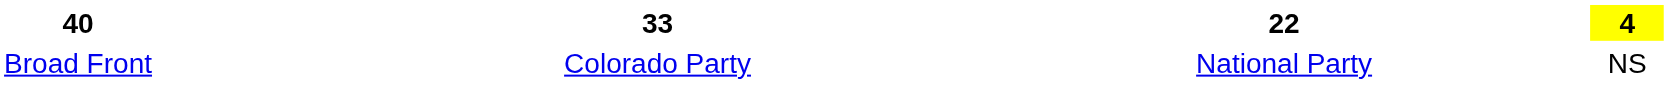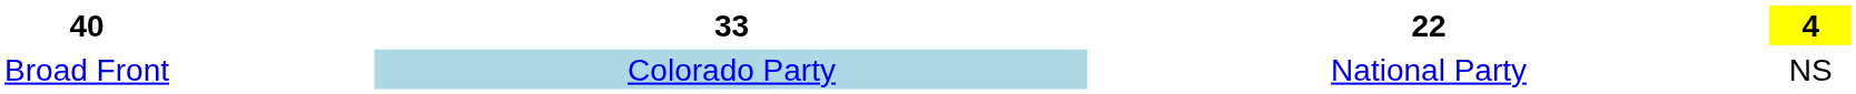 <table style="width:66em; text-align:center; font-size:88%">
 <tr style="font-weight:bold">
 <td style="background:">40</td>
 <td style="background:">33</td>
 <td style="background:">22</td>
 <td style="background:yellow; width:4.05%; color:black">4</td>
 </tr>
 <tr>
 <td><a href='#'>Broad Front</a></td>
-<td><a href='#'>Colorado Party</a></td>
+<td style="background: lightblue;"><a href='#'>Colorado Party</a></td>
 <td><a href='#'>National Party</a></td>
 <td>NS</td>
 </tr>
 </table>
